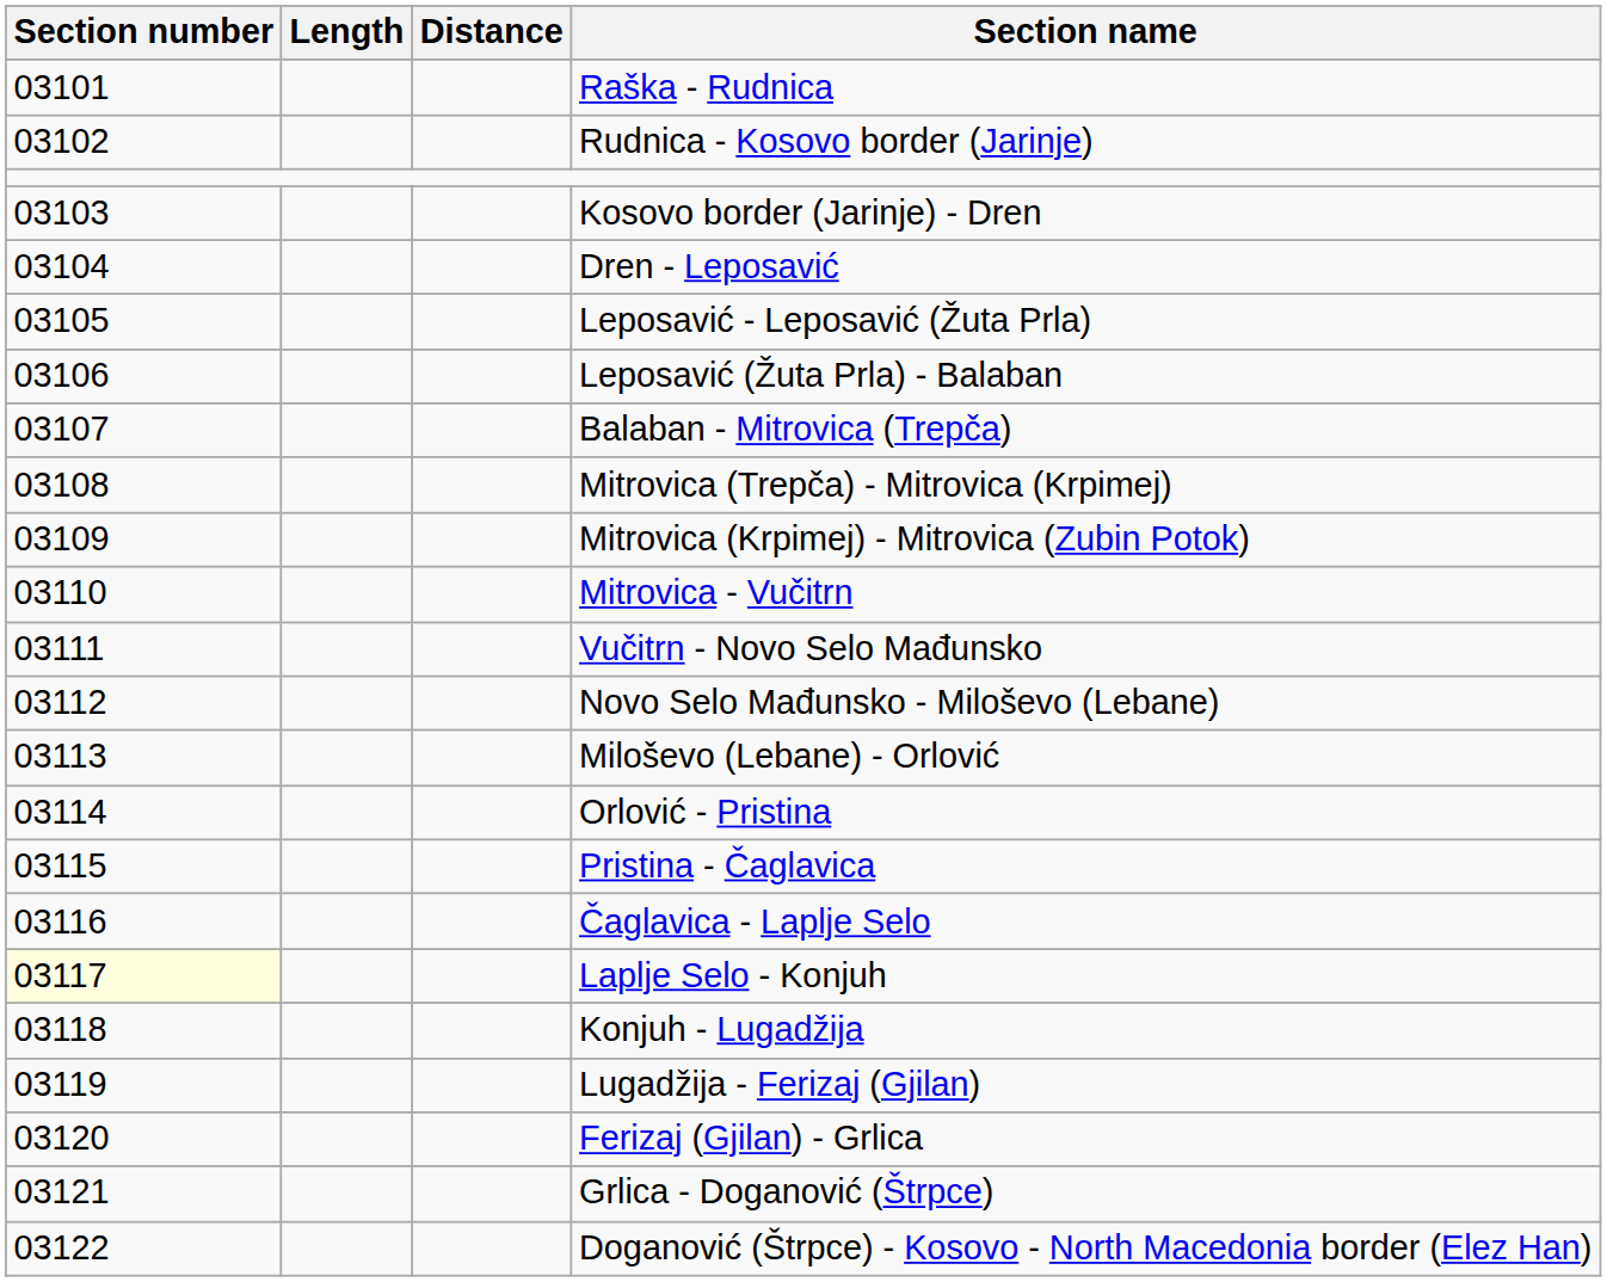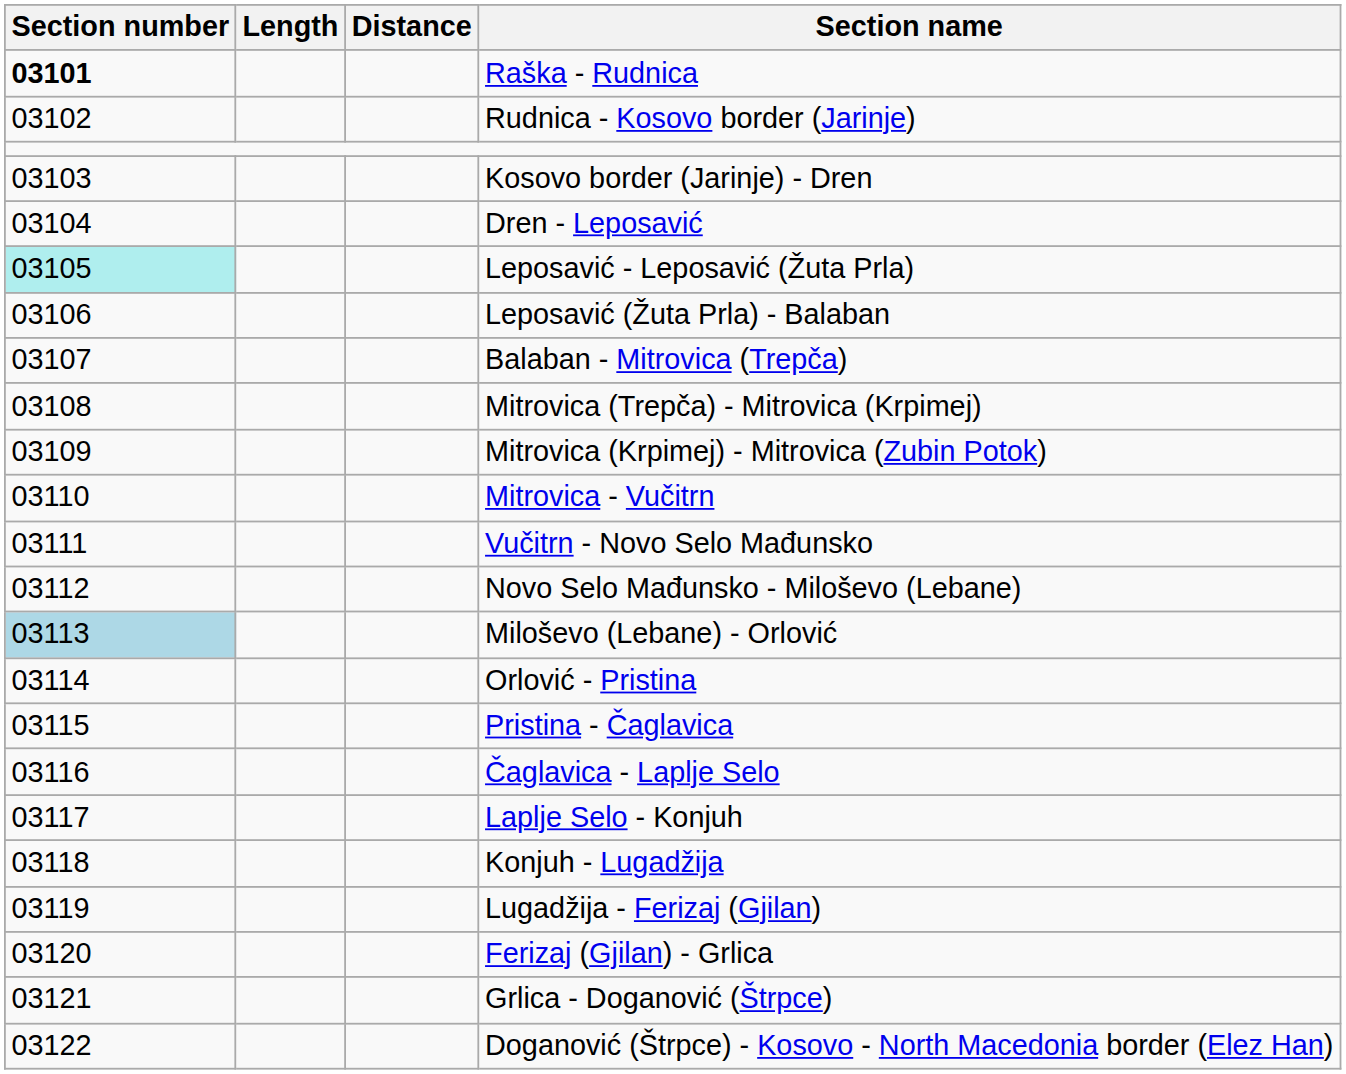 <table class="wikitable">
 <tr>
 <th>Section number</th>
 <th>Length</th>
 <th>Distance</th>
 <th>Section name</th>
 </tr>
 <tr>
-<td>03101</td>
+<td><strong>03101</strong></td>
 <td></td>
 <td></td>
 <td><a href='#'>Raška</a> - <a href='#'>Rudnica</a></td>
 </tr>
 <tr>
 <td>03102</td>
 <td></td>
 <td></td>
 <td>Rudnica - <a href='#'>Kosovo</a> border (<a href='#'>Jarinje</a>)</td>
 </tr>
 <tr>
 <td colspan="4"></td>
 </tr>
 <tr>
 <td>03103</td>
 <td></td>
 <td></td>
 <td>Kosovo border (Jarinje) - Dren</td>
 </tr>
 <tr>
 <td>03104</td>
 <td></td>
 <td></td>
 <td>Dren - <a href='#'>Leposavić</a></td>
 </tr>
 <tr>
-<td>03105</td>
+<td style="background: paleturquoise;">03105</td>
 <td></td>
 <td></td>
 <td>Leposavić - Leposavić (Žuta Prla)</td>
 </tr>
 <tr>
 <td>03106</td>
 <td></td>
 <td></td>
 <td>Leposavić (Žuta Prla) - Balaban</td>
 </tr>
 <tr>
 <td>03107</td>
 <td></td>
 <td></td>
 <td>Balaban - <a href='#'>Mitrovica</a> (<a href='#'>Trepča</a>)</td>
 </tr>
 <tr>
 <td>03108</td>
 <td></td>
 <td></td>
 <td>Mitrovica (Trepča) - Mitrovica (Krpimej)</td>
 </tr>
 <tr>
 <td>03109</td>
 <td></td>
 <td></td>
 <td>Mitrovica (Krpimej) - Mitrovica (<a href='#'>Zubin Potok</a>)</td>
 </tr>
 <tr>
 <td>03110</td>
 <td></td>
 <td></td>
 <td><a href='#'>Mitrovica</a> - <a href='#'>Vučitrn</a></td>
 </tr>
 <tr>
 <td>03111</td>
 <td></td>
 <td></td>
 <td><a href='#'>Vučitrn</a> - Novo Selo Mađunsko</td>
 </tr>
 <tr>
 <td>03112</td>
 <td></td>
 <td></td>
 <td>Novo Selo Mađunsko - Miloševo (Lebane)</td>
 </tr>
 <tr>
-<td>03113</td>
+<td style="background: lightblue;">03113</td>
 <td></td>
 <td></td>
 <td>Miloševo (Lebane) - Orlović</td>
 </tr>
 <tr>
 <td>03114</td>
 <td></td>
 <td></td>
 <td>Orlović - <a href='#'>Pristina</a></td>
 </tr>
 <tr>
 <td>03115</td>
 <td></td>
 <td></td>
 <td><a href='#'>Pristina</a> - <a href='#'>Čaglavica</a></td>
 </tr>
 <tr>
 <td>03116</td>
 <td></td>
 <td></td>
 <td><a href='#'>Čaglavica</a> - <a href='#'>Laplje Selo</a></td>
 </tr>
 <tr>
-<td style="background: lightyellow;">03117</td>
+<td>03117</td>
 <td></td>
 <td></td>
 <td><a href='#'>Laplje Selo</a> - Konjuh</td>
 </tr>
 <tr>
 <td>03118</td>
 <td></td>
 <td></td>
 <td>Konjuh - <a href='#'>Lugadžija</a></td>
 </tr>
 <tr>
 <td>03119</td>
 <td></td>
 <td></td>
 <td>Lugadžija - <a href='#'>Ferizaj</a> (<a href='#'>Gjilan</a>)</td>
 </tr>
 <tr>
 <td>03120</td>
 <td></td>
 <td></td>
 <td><a href='#'>Ferizaj</a> (<a href='#'>Gjilan</a>) - Grlica</td>
 </tr>
 <tr>
 <td>03121</td>
 <td></td>
 <td></td>
 <td>Grlica - Doganović (<a href='#'>Štrpce</a>)</td>
 </tr>
 <tr>
 <td>03122</td>
 <td></td>
 <td></td>
 <td>Doganović (Štrpce) - <a href='#'>Kosovo</a> - <a href='#'>North Macedonia</a> border (<a href='#'>Elez Han</a>)</td>
 </tr>
 </table>
